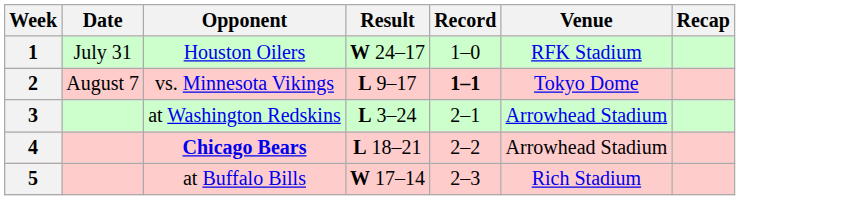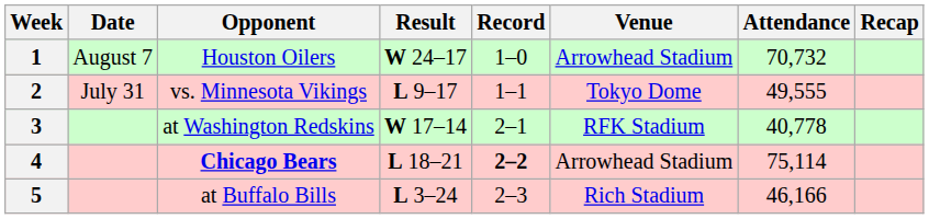 <table class="wikitable" style="text-align:center">
 <tr>
 <th>Week</th>
 <th>Date</th>
 <th>Opponent</th>
 <th>Result</th>
 <th>Record</th>
 <th>Venue</th>
+<th>Attendance</th>
 <th>Recap</th>
 </tr>
 <tr style="background:#cfc">
 <th>1</th>
-<td>July 31</td>
+<td>August 7</td>
 <td><a href='#'>Houston Oilers</a></td>
 <td><strong>W</strong> 24–17</td>
 <td>1–0</td>
-<td><a href='#'>RFK Stadium</a></td>
+<td><a href='#'>Arrowhead Stadium</a></td>
+<td>70,732</td>
 <td></td>
 </tr>
 <tr style="background:#fcc">
 <th>2</th>
-<td>August 7</td>
+<td>July 31</td>
 <td>vs. <a href='#'>Minnesota Vikings</a></td>
 <td><strong>L</strong> 9–17</td>
-<td><strong>1–1</strong></td>
+<td>1–1</td>
 <td> <a href='#'>Tokyo Dome</a> </td>
+<td>49,555</td>
 <td></td>
 </tr>
 <tr style="background:#cfc">
 <th>3</th>
 <td></td>
 <td>at <a href='#'>Washington Redskins</a></td>
-<td><strong>L</strong> 3–24</td>
+<td><strong>W</strong>  17–14</td>
 <td>2–1</td>
-<td><a href='#'>Arrowhead Stadium</a></td>
+<td><a href='#'>RFK Stadium</a></td>
+<td>40,778</td>
 <td></td>
 </tr>
 <tr style="background:#fcc">
 <th>4</th>
 <td></td>
 <td><strong><a href='#'>Chicago Bears</a></strong></td>
 <td><strong>L</strong> 18–21</td>
-<td>2–2</td>
+<td><strong>2–2</strong></td>
 <td>Arrowhead Stadium</td>
+<td>75,114</td>
 <td></td>
 </tr>
 <tr style="background:#fcc">
 <th>5</th>
 <td></td>
 <td>at <a href='#'>Buffalo Bills</a></td>
-<td><strong>W</strong>  17–14</td>
+<td><strong>L</strong> 3–24</td>
 <td>2–3</td>
 <td><a href='#'>Rich Stadium</a></td>
+<td>46,166</td>
 <td></td>
 </tr>
 </table>
